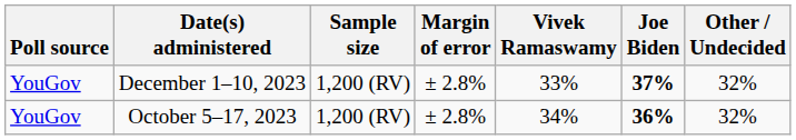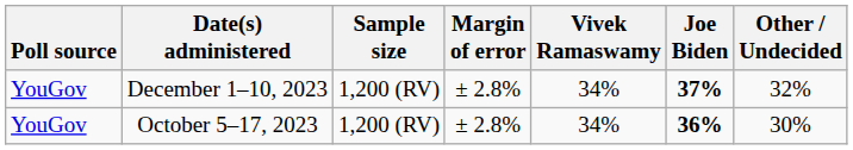 <table class="wikitable sortable mw-datatable" style="font-size:90%;text-align:center;line-height:17px">
 <tr style="vertical-align:bottom">
 <th>Poll source</th>
 <th>Date(s)<br>administered</th>
 <th>Sample<br>size</th>
 <th>Margin<br>of error</th>
 <th class="unsortable">Vivek<br>Ramaswamy<br></th>
 <th class="unsortable">Joe<br>Biden<br></th>
 <th class="unsortable">Other /<br>Undecided</th>
 </tr>
 <tr>
 <td style="text-align:left;"><a href='#'>YouGov</a></td>
 <td data-sort-value="2023-05-17">December 1–10, 2023</td>
 <td>1,200 (RV)</td>
 <td>± 2.8%</td>
-<td>33%</td>
+<td>34%</td>
 <td style="color:black;background-color:"><strong>37%</strong></td>
 <td>32%</td>
 </tr>
 <tr>
 <td style="text-align:left;"><a href='#'>YouGov</a></td>
 <td data-sort-value="2023-05-17">October 5–17, 2023</td>
 <td>1,200 (RV)</td>
 <td>± 2.8%</td>
 <td>34%</td>
 <td style="color:black;background-color:"><strong>36%</strong></td>
-<td>32%</td>
+<td>30%</td>
 </tr>
 </table>
